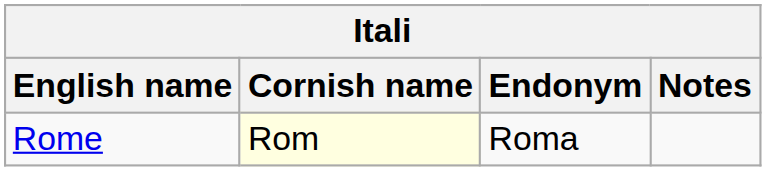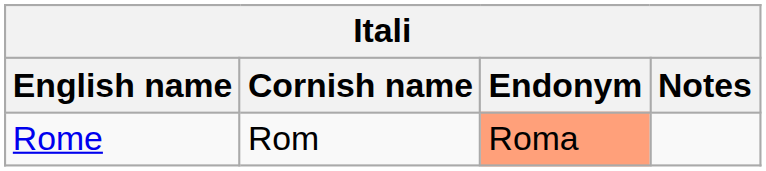 <table class="wikitable sortable">
 <tr>
 <th colspan="24"> Itali</th>
 </tr>
 <tr>
 <th>English name</th>
 <th>Cornish name</th>
 <th>Endonym</th>
 <th>Notes</th>
 </tr>
 <tr>
 <td><a href='#'>Rome</a></td>
-<td style="background: lightyellow;">Rom</td>
-<td>Roma</td>
+<td>Rom</td>
+<td style="background: lightsalmon;">Roma</td>
 <td></td>
 </tr>
 </table>
